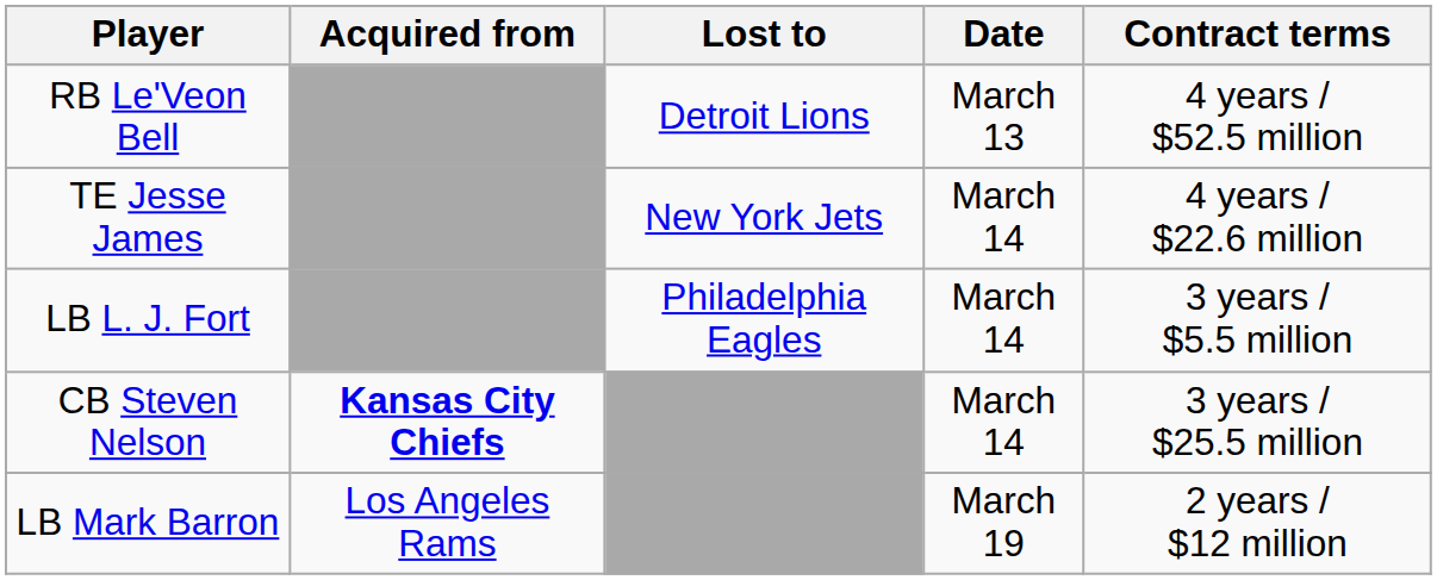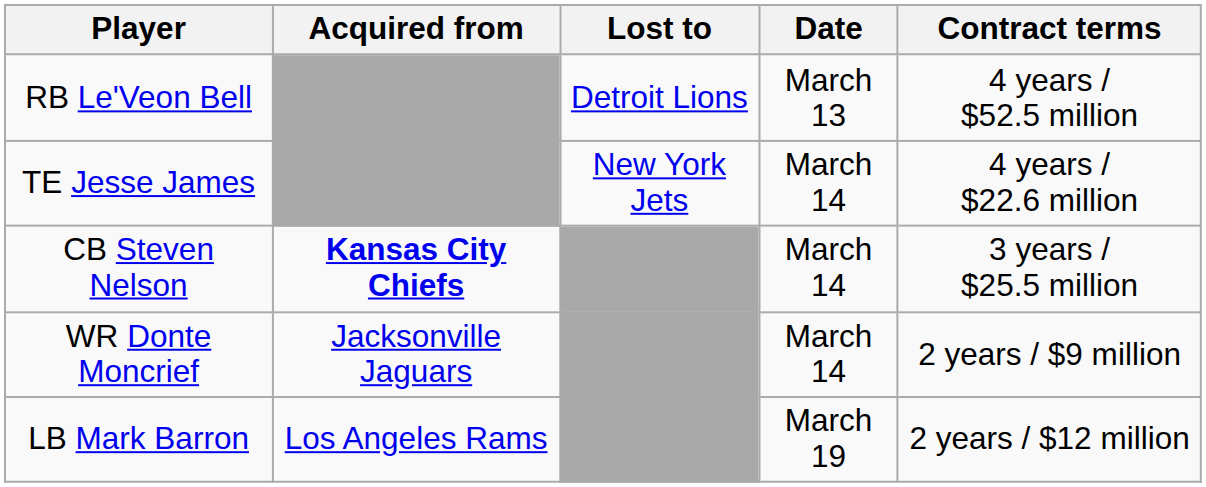 <table class="wikitable" style="text-align:center">
 <tr>
 <th>Player</th>
 <th>Acquired from</th>
 <th>Lost to</th>
 <th>Date</th>
 <th>Contract terms</th>
 </tr>
 <tr>
 <td>RB <a href='#'>Le'Veon Bell</a></td>
 <td style="background:darkgray"></td>
 <td><a href='#'>Detroit Lions</a></td>
 <td>March 13</td>
 <td>4 years / $52.5 million</td>
 </tr>
 <tr>
 <td>TE <a href='#'>Jesse James</a></td>
 <td style="background:darkgray"></td>
 <td><a href='#'>New York Jets</a></td>
 <td>March 14</td>
 <td>4 years / $22.6 million</td>
 </tr>
 <tr>
-<td>LB <a href='#'>L. J. Fort</a></td>
-<td style="background:darkgray"></td>
-<td><a href='#'>Philadelphia Eagles</a></td>
-<td>March 14</td>
-<td>3 years / $5.5 million</td>
-</tr>
-<tr>
 <td>CB <a href='#'>Steven Nelson</a></td>
 <td><strong><a href='#'>Kansas City Chiefs</a></strong></td>
 <td style="background:darkgray"></td>
 <td>March 14</td>
 <td>3 years / $25.5 million</td>
+</tr>
+<tr>
+<td>WR <a href='#'>Donte Moncrief</a></td>
+<td><a href='#'>Jacksonville Jaguars</a></td>
+<td style="background:darkgray"></td>
+<td>March 14</td>
+<td>2 years / $9 million</td>
 </tr>
 <tr>
 <td>LB <a href='#'>Mark Barron</a></td>
 <td><a href='#'>Los Angeles Rams</a></td>
 <td style="background:darkgray"></td>
 <td>March 19</td>
 <td>2 years / $12 million</td>
 </tr>
 </table>
